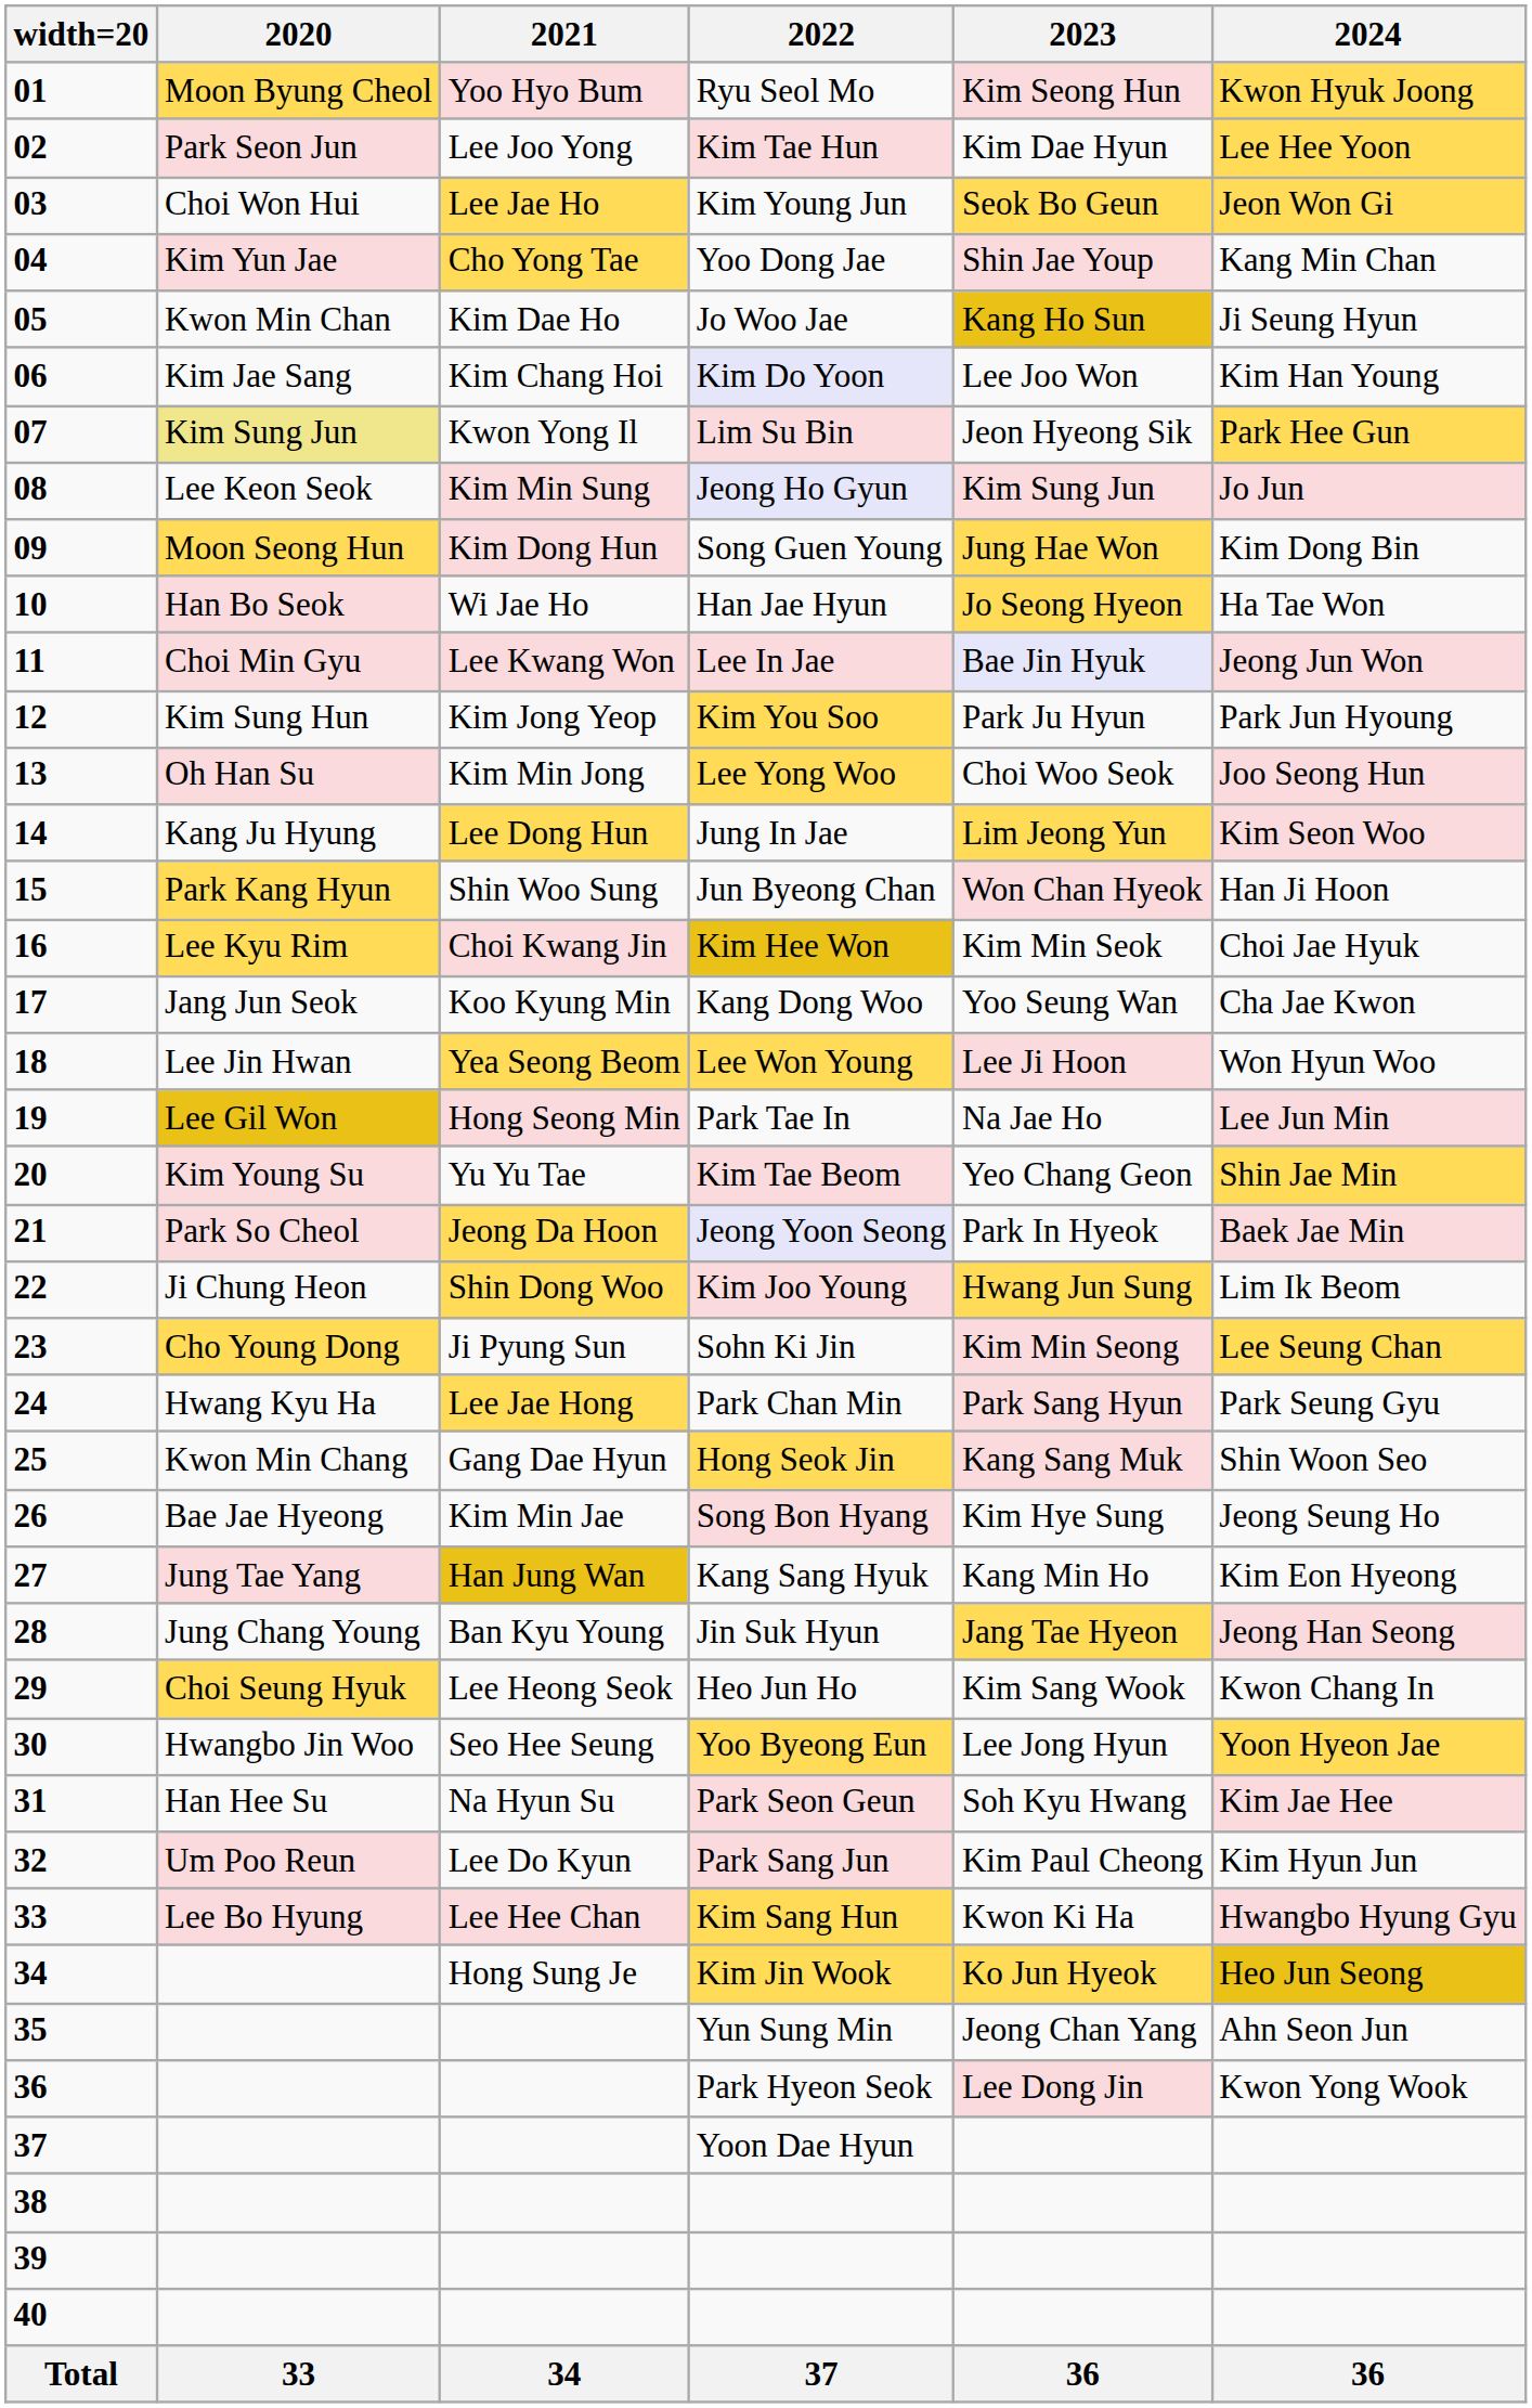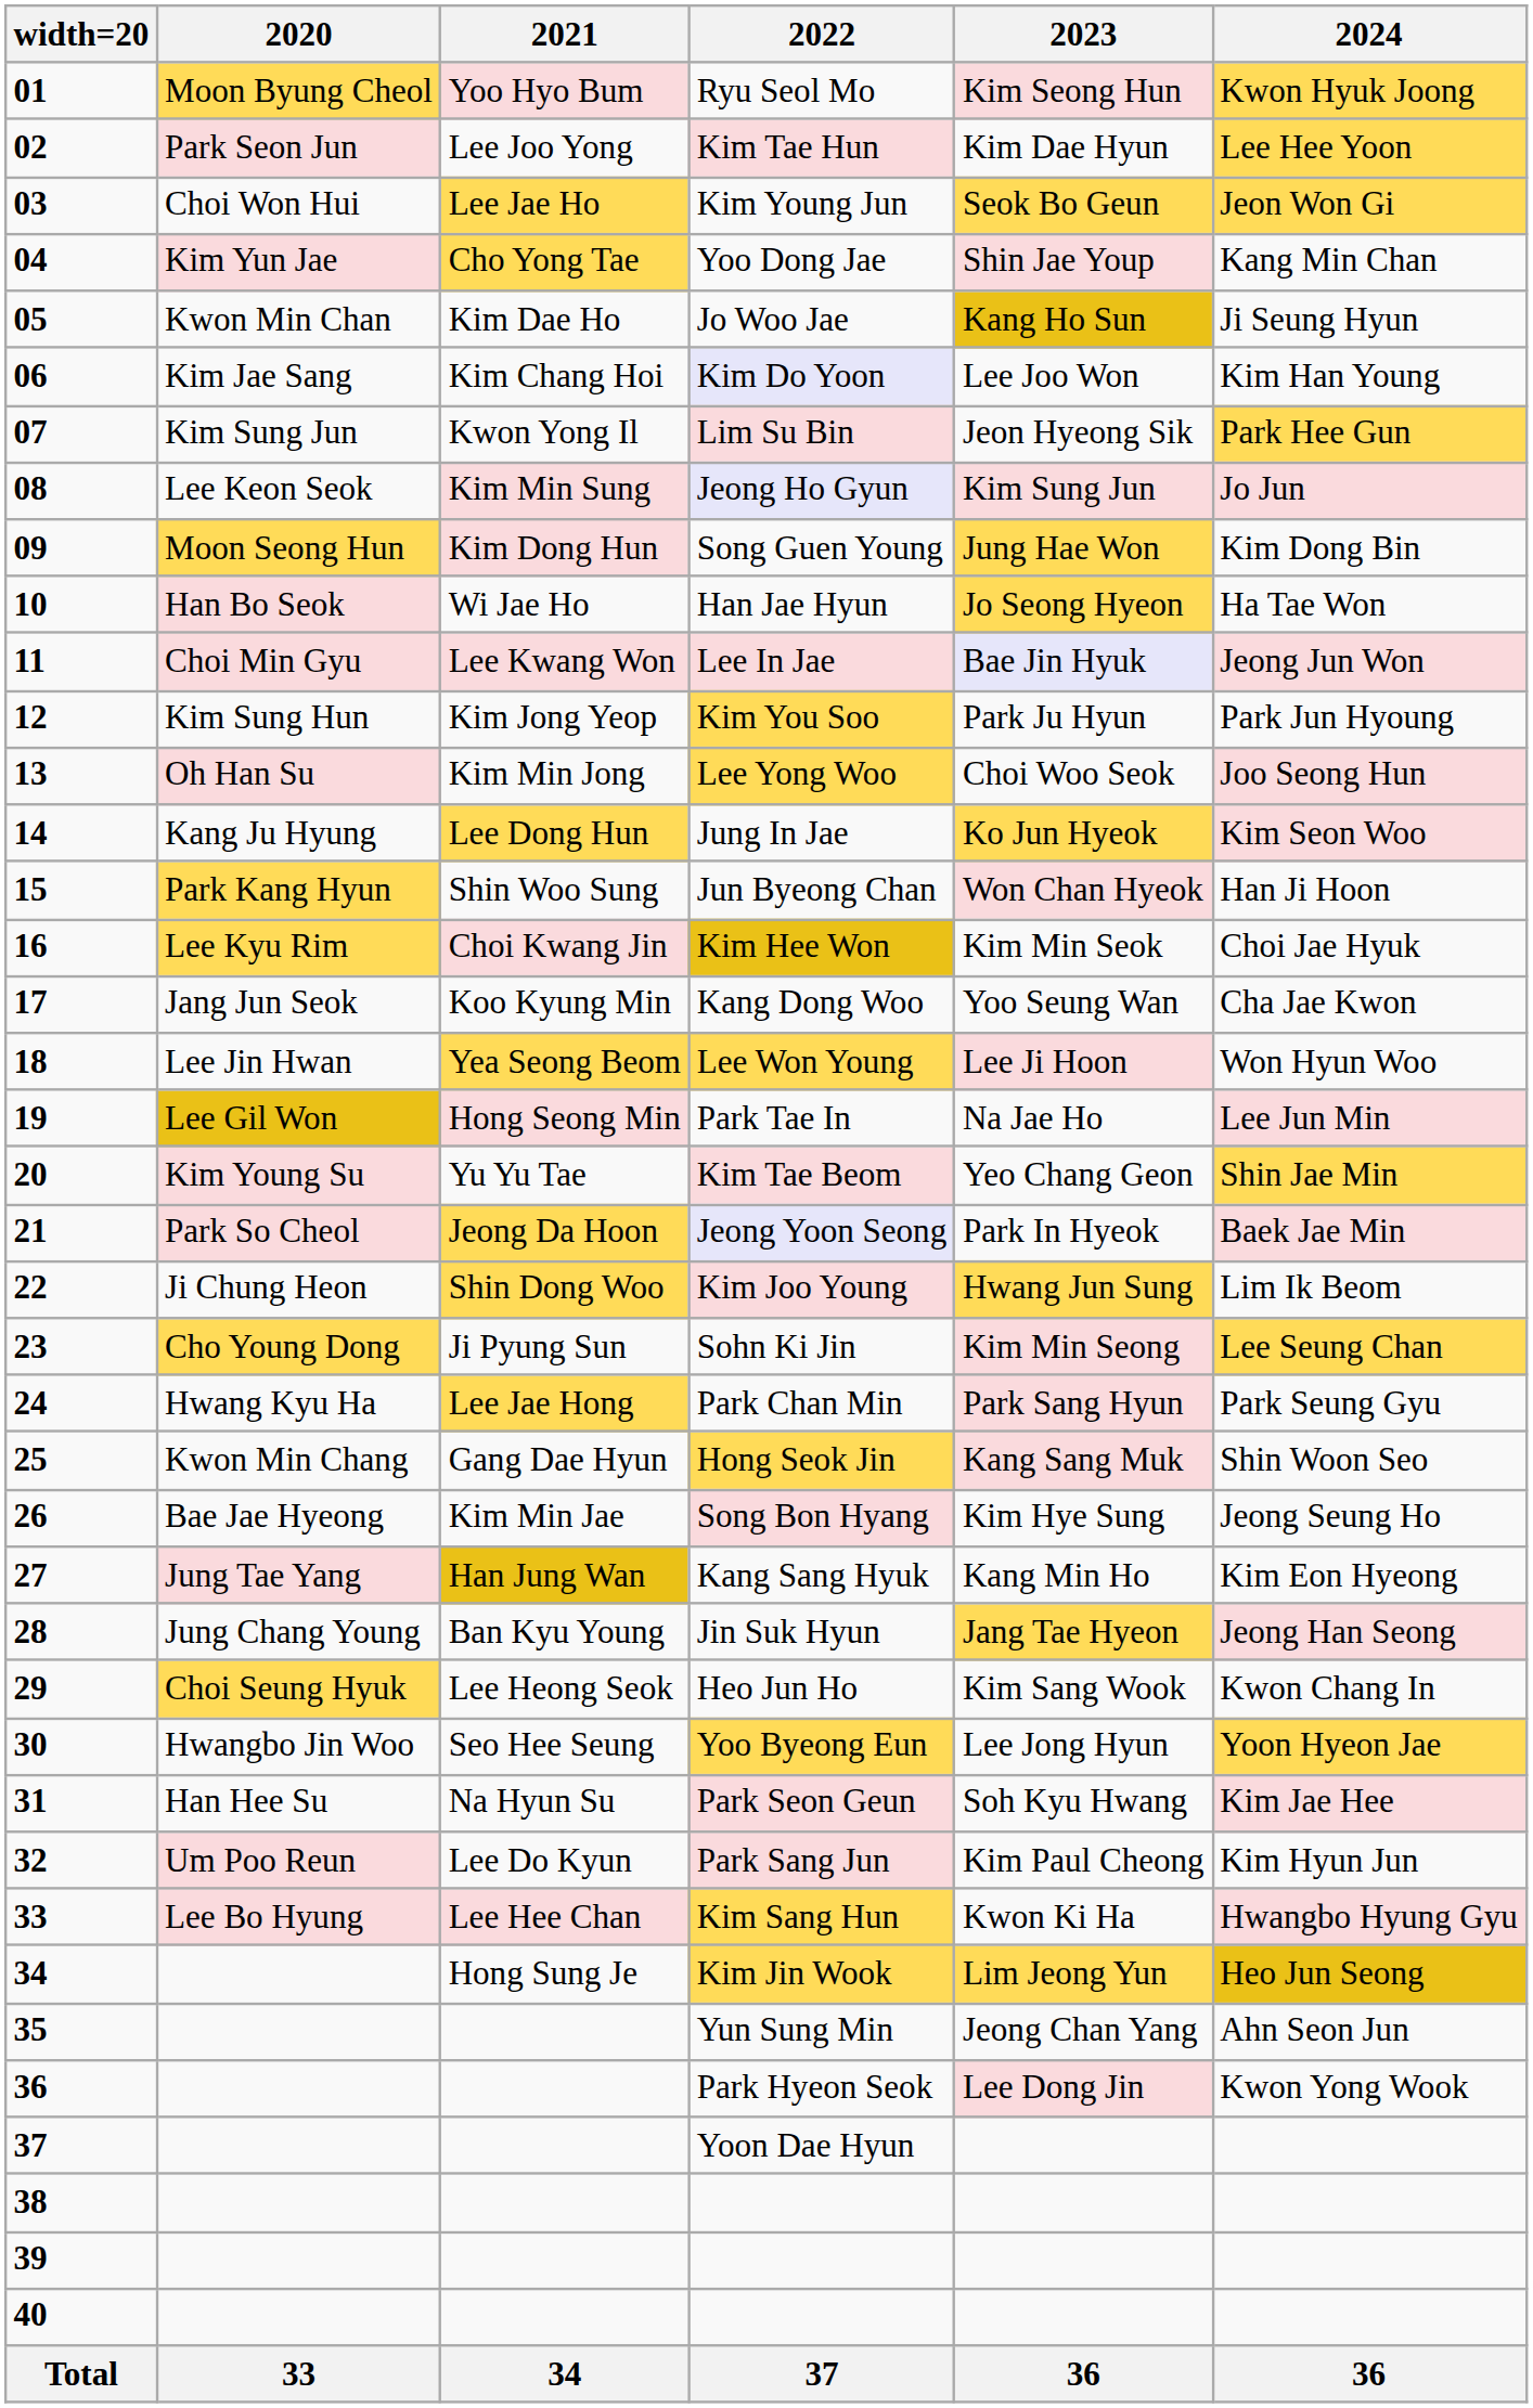 <table class="wikitable" style="font-size: 82%";>
 <tr>
 <th>width=20 </th>
 <th>2020</th>
 <th>2021</th>
 <th>2022</th>
 <th>2023</th>
 <th>2024</th>
 </tr>
 <tr>
 <td><strong>01</strong></td>
 <td bgcolor=#FFDB58>Moon Byung Cheol</td>
 <td bgcolor=#FADADD>Yoo Hyo Bum</td>
 <td>Ryu Seol Mo</td>
 <td bgcolor=#FADADD>Kim Seong Hun</td>
 <td bgcolor=#FFDB58>Kwon Hyuk Joong</td>
 </tr>
 <tr>
 <td><strong>02</strong></td>
 <td bgcolor=#FADADD>Park Seon Jun</td>
 <td>Lee Joo Yong</td>
 <td bgcolor=#FADADD>Kim Tae Hun</td>
 <td>Kim Dae Hyun</td>
 <td bgcolor=#FFDB58>Lee Hee Yoon</td>
 </tr>
 <tr>
 <td><strong>03</strong></td>
 <td>Choi Won Hui</td>
 <td bgcolor=#FFDB58>Lee Jae Ho</td>
 <td>Kim Young Jun</td>
 <td bgcolor=#FFDB58>Seok Bo Geun</td>
 <td bgcolor=#FFDB58>Jeon Won Gi</td>
 </tr>
 <tr>
 <td><strong>04</strong></td>
 <td bgcolor=#FADADD>Kim Yun Jae</td>
 <td bgcolor=#FFDB58>Cho Yong Tae</td>
 <td>Yoo Dong Jae</td>
 <td bgcolor=#FADADD>Shin Jae Youp</td>
 <td>Kang Min Chan</td>
 </tr>
 <tr>
 <td><strong>05</strong></td>
 <td>Kwon Min Chan</td>
 <td #FADADD>Kim Dae Ho</td>
 <td>Jo Woo Jae</td>
 <td bgcolor=#EAC117>Kang Ho Sun</td>
 <td>Ji Seung Hyun</td>
 </tr>
 <tr>
 <td><strong>06</strong></td>
 <td>Kim Jae Sang</td>
 <td>Kim Chang Hoi</td>
 <td bgcolor=#E6E6FA>Kim Do Yoon</td>
 <td>Lee Joo Won</td>
 <td>Kim Han Young</td>
 </tr>
 <tr>
 <td><strong>07</strong></td>
-<td style="background: khaki;">Kim Sung Jun</td>
+<td>Kim Sung Jun</td>
 <td>Kwon Yong Il</td>
 <td bgcolor=#FADADD>Lim Su Bin</td>
 <td>Jeon Hyeong Sik</td>
 <td bgcolor=#FFDB58>Park Hee Gun</td>
 </tr>
 <tr>
 <td><strong>08</strong></td>
 <td>Lee Keon Seok</td>
 <td bgcolor=#FADADD>Kim Min Sung</td>
 <td bgcolor=#E6E6FA>Jeong Ho Gyun</td>
 <td bgcolor=#FADADD>Kim Sung Jun</td>
 <td bgcolor=#FADADD>Jo Jun</td>
 </tr>
 <tr>
 <td><strong>09</strong></td>
 <td bgcolor=#FFDB58>Moon Seong Hun</td>
 <td bgcolor=#FADADD>Kim Dong Hun</td>
 <td>Song Guen Young</td>
 <td bgcolor=#FFDB58>Jung Hae Won</td>
 <td>Kim Dong Bin</td>
 </tr>
 <tr>
 <td><strong>10</strong></td>
 <td bgcolor=#FADADD>Han Bo Seok</td>
 <td>Wi Jae Ho</td>
 <td>Han Jae Hyun</td>
 <td bgcolor=#FFDB58>Jo Seong Hyeon</td>
 <td>Ha Tae Won</td>
 </tr>
 <tr>
 <td><strong>11</strong></td>
 <td bgcolor=#FADADD>Choi Min Gyu</td>
 <td bgcolor=#FADADD>Lee Kwang Won</td>
 <td bgcolor=#FADADD>Lee In Jae</td>
 <td bgcolor=#E6E6FA>Bae Jin Hyuk</td>
 <td bgcolor=#FADADD>Jeong Jun Won</td>
 </tr>
 <tr>
 <td><strong>12</strong></td>
 <td>Kim Sung Hun</td>
 <td>Kim Jong Yeop</td>
 <td bgcolor=#FFDB58>Kim You Soo</td>
 <td>Park Ju Hyun</td>
 <td>Park Jun Hyoung</td>
 </tr>
 <tr>
 <td><strong>13</strong></td>
 <td bgcolor=#FADADD>Oh Han Su</td>
 <td>Kim Min Jong</td>
 <td bgcolor=#FFDB58>Lee Yong Woo</td>
 <td>Choi Woo Seok</td>
 <td bgcolor=#FADADD>Joo Seong Hun</td>
 </tr>
 <tr>
 <td><strong>14</strong></td>
 <td>Kang Ju Hyung</td>
 <td bgcolor=#FFDB58>Lee Dong Hun</td>
 <td>Jung In Jae</td>
-<td bgcolor=#FFDB58>Lim Jeong Yun</td>
+<td bgcolor=#FFDB58>Ko Jun Hyeok</td>
 <td bgcolor=#FADADD>Kim Seon Woo</td>
 </tr>
 <tr>
 <td><strong>15</strong></td>
 <td bgcolor=#FFDB58>Park Kang Hyun</td>
 <td>Shin Woo Sung</td>
 <td>Jun Byeong Chan</td>
 <td bgcolor=#FADADD>Won Chan Hyeok</td>
 <td>Han Ji Hoon</td>
 </tr>
 <tr>
 <td><strong>16</strong></td>
 <td bgcolor=#FFDB58>Lee Kyu Rim</td>
 <td bgcolor=#FADADD>Choi Kwang Jin</td>
 <td bgcolor=#EAC117>Kim Hee Won</td>
 <td>Kim Min Seok</td>
 <td>Choi Jae Hyuk</td>
 </tr>
 <tr>
 <td><strong>17</strong></td>
 <td>Jang Jun Seok</td>
 <td #FADADD>Koo Kyung Min</td>
 <td>Kang Dong Woo</td>
 <td>Yoo Seung Wan</td>
 <td>Cha Jae Kwon</td>
 </tr>
 <tr>
 <td><strong>18</strong></td>
 <td>Lee Jin Hwan</td>
 <td bgcolor=#FFDB58>Yea Seong Beom</td>
 <td bgcolor=#FFDB58>Lee Won Young</td>
 <td bgcolor=#FADADD>Lee Ji Hoon</td>
 <td>Won Hyun Woo</td>
 </tr>
 <tr>
 <td><strong>19</strong></td>
 <td bgcolor=#EAC117>Lee Gil Won</td>
 <td bgcolor=#FADADD>Hong Seong Min</td>
 <td>Park Tae In</td>
 <td>Na Jae Ho</td>
 <td bgcolor=#FADADD>Lee Jun Min</td>
 </tr>
 <tr>
 <td><strong>20</strong></td>
 <td bgcolor=#FADADD>Kim Young Su</td>
 <td>Yu Yu Tae</td>
 <td bgcolor=#FADADD>Kim Tae Beom</td>
 <td>Yeo Chang Geon</td>
 <td bgcolor=#FFDB58>Shin Jae Min</td>
 </tr>
 <tr>
 <td><strong>21</strong></td>
 <td bgcolor=#FADADD>Park So Cheol</td>
 <td bgcolor=#FFDB58>Jeong Da Hoon</td>
 <td bgcolor=#E6E6FA>Jeong Yoon Seong</td>
 <td>Park In Hyeok</td>
 <td bgcolor=#FADADD>Baek Jae Min</td>
 </tr>
 <tr>
 <td><strong>22</strong></td>
 <td>Ji Chung Heon</td>
 <td bgcolor=#FFDB58>Shin Dong Woo</td>
 <td bgcolor=#FADADD>Kim Joo Young</td>
 <td bgcolor=#FFDB58>Hwang Jun Sung</td>
 <td>Lim Ik Beom</td>
 </tr>
 <tr>
 <td><strong>23</strong></td>
 <td bgcolor=#FFDB58>Cho Young Dong</td>
 <td>Ji Pyung Sun</td>
 <td>Sohn Ki Jin</td>
 <td bgcolor=#FADADD>Kim Min Seong</td>
 <td bgcolor=#FFDB58>Lee Seung Chan</td>
 </tr>
 <tr>
 <td><strong>24</strong></td>
 <td>Hwang Kyu Ha</td>
 <td bgcolor=#FFDB58>Lee Jae Hong</td>
 <td>Park Chan Min</td>
 <td bgcolor=#FADADD>Park Sang Hyun</td>
 <td>Park Seung Gyu</td>
 </tr>
 <tr>
 <td><strong>25</strong></td>
 <td>Kwon Min Chang</td>
 <td #FADADD>Gang Dae Hyun</td>
 <td bgcolor=#FFDB58>Hong Seok Jin</td>
 <td bgcolor=#FADADD>Kang Sang Muk</td>
 <td>Shin Woon Seo</td>
 </tr>
 <tr>
 <td><strong>26</strong></td>
 <td>Bae Jae Hyeong</td>
 <td>Kim Min Jae</td>
 <td bgcolor=#FADADD>Song Bon Hyang</td>
 <td>Kim Hye Sung</td>
 <td>Jeong Seung Ho</td>
 </tr>
 <tr>
 <td><strong>27</strong></td>
 <td bgcolor=#FADADD>Jung Tae Yang</td>
 <td bgcolor=#EAC117>Han Jung Wan</td>
 <td>Kang Sang Hyuk</td>
 <td>Kang Min Ho</td>
 <td>Kim Eon Hyeong</td>
 </tr>
 <tr>
 <td><strong>28</strong></td>
 <td>Jung Chang Young</td>
 <td>Ban Kyu Young</td>
 <td>Jin Suk Hyun</td>
 <td bgcolor=#FFDB58>Jang Tae Hyeon</td>
 <td bgcolor=#FADADD>Jeong Han Seong</td>
 </tr>
 <tr>
 <td><strong>29</strong></td>
 <td bgcolor=#FFDB58>Choi Seung Hyuk</td>
 <td>Lee Heong Seok</td>
 <td>Heo Jun Ho</td>
 <td>Kim Sang Wook</td>
 <td>Kwon Chang In</td>
 </tr>
 <tr>
 <td><strong>30</strong></td>
 <td>Hwangbo Jin Woo</td>
 <td>Seo Hee Seung</td>
 <td bgcolor=#FFDB58>Yoo Byeong Eun</td>
 <td>Lee Jong Hyun</td>
 <td bgcolor=#FFDB58>Yoon Hyeon Jae</td>
 </tr>
 <tr>
 <td><strong>31</strong></td>
 <td>Han Hee Su</td>
 <td>Na Hyun Su</td>
 <td bgcolor=#FADADD>Park Seon Geun</td>
 <td>Soh Kyu Hwang</td>
 <td bgcolor=#FADADD>Kim Jae Hee</td>
 </tr>
 <tr>
 <td><strong>32</strong></td>
 <td bgcolor=#FADADD>Um Poo Reun</td>
 <td>Lee Do Kyun</td>
 <td bgcolor=#FADADD>Park Sang Jun</td>
 <td>Kim Paul Cheong</td>
 <td>Kim Hyun Jun</td>
 </tr>
 <tr>
 <td><strong>33</strong></td>
 <td bgcolor=#FADADD>Lee Bo Hyung</td>
 <td bgcolor=#FADADD>Lee Hee Chan</td>
 <td bgcolor=#FFDB58>Kim Sang Hun</td>
 <td>Kwon Ki Ha</td>
 <td bgcolor=#FADADD>Hwangbo Hyung Gyu</td>
 </tr>
 <tr>
 <td><strong>34</strong></td>
 <td></td>
 <td>Hong Sung Je</td>
 <td bgcolor=#FFDB58>Kim Jin Wook</td>
-<td bgcolor=#FFDB58>Ko Jun Hyeok</td>
+<td bgcolor=#FFDB58>Lim Jeong Yun</td>
 <td bgcolor=#EAC117>Heo Jun Seong</td>
 </tr>
 <tr>
 <td><strong>35</strong></td>
 <td></td>
 <td></td>
 <td>Yun Sung Min</td>
 <td>Jeong Chan Yang</td>
 <td>Ahn Seon Jun</td>
 </tr>
 <tr>
 <td><strong>36</strong></td>
 <td></td>
 <td></td>
 <td>Park Hyeon Seok</td>
 <td bgcolor=#FADADD>Lee Dong Jin</td>
 <td>Kwon Yong Wook</td>
 </tr>
 <tr>
 <td><strong>37</strong></td>
 <td></td>
 <td></td>
 <td>Yoon Dae Hyun</td>
 <td></td>
 <td></td>
 </tr>
 <tr>
 <td><strong>38</strong></td>
 <td></td>
 <td></td>
 <td></td>
 <td></td>
 <td></td>
 </tr>
 <tr>
 <td><strong>39</strong></td>
 <td></td>
 <td></td>
 <td></td>
 <td></td>
 <td></td>
 </tr>
 <tr>
 <td><strong>40</strong></td>
 <td></td>
 <td></td>
 <td></td>
 <td></td>
 <td></td>
 </tr>
 <tr>
 <th>Total</th>
 <th>33</th>
 <th>34</th>
 <th>37</th>
 <th>36</th>
 <th>36</th>
 </tr>
 </table>
